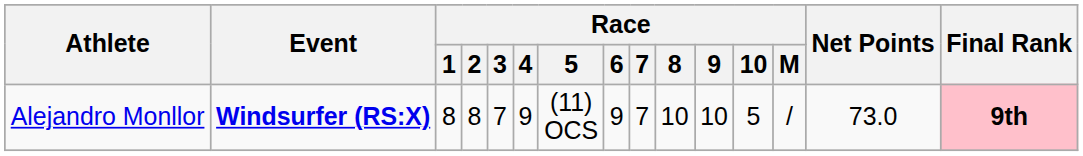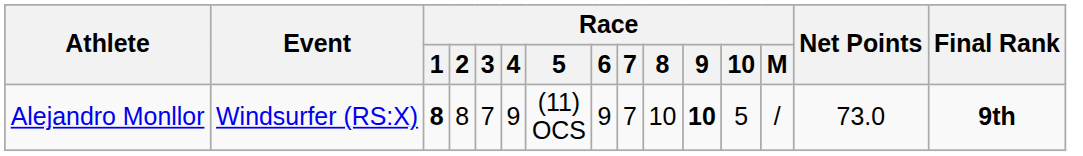 <table class="wikitable" border="1" style="font-size:90%">
 <tr>
 <th rowspan=2>Athlete</th>
 <th rowspan=2>Event</th>
 <th colspan=11>Race</th>
 <th rowspan=2>Net Points</th>
 <th rowspan=2>Final Rank</th>
 </tr>
 <tr>
 <th>1</th>
 <th>2</th>
 <th>3</th>
 <th>4</th>
 <th>5</th>
 <th>6</th>
 <th>7</th>
 <th>8</th>
 <th>9</th>
 <th>10</th>
 <th>M</th>
 </tr>
 <tr align=center>
 <td align=left><a href='#'>Alejandro Monllor</a></td>
-<td align=left><strong><a href='#'>Windsurfer (RS:X)</a></strong></td>
-<td>8</td>
+<td align=left><a href='#'>Windsurfer (RS:X)</a></td>
+<td><strong>8</strong></td>
 <td>8</td>
 <td>7</td>
 <td>9</td>
 <td>(11)<br>OCS</td>
 <td>9</td>
 <td>7</td>
 <td>10</td>
-<td>10</td>
+<td><strong>10</strong></td>
 <td>5</td>
 <td>/</td>
 <td>73.0</td>
-<td style="background: pink;"><strong>9th</strong></td>
+<td><strong>9th</strong></td>
 </tr>
 </table>
